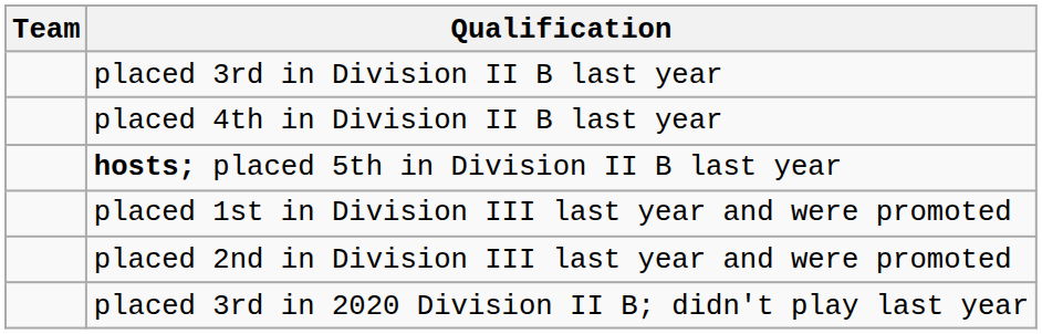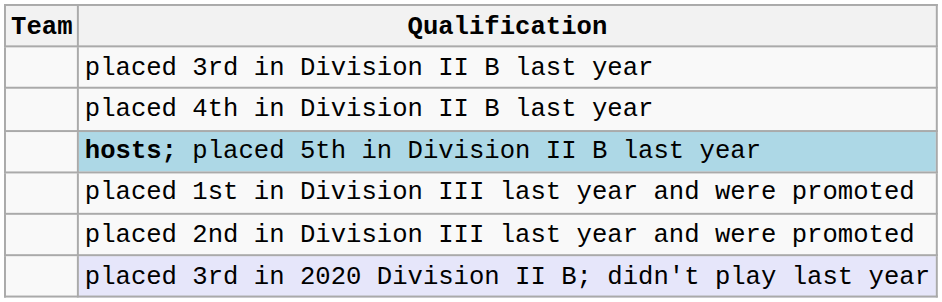 <table class="wikitable">
 <tr>
 <th>Team</th>
 <th>Qualification</th>
 </tr>
 <tr>
 <td></td>
 <td>placed 3rd in Division II B last year</td>
 </tr>
 <tr>
 <td></td>
 <td>placed 4th in Division II B last year</td>
 </tr>
 <tr>
 <td></td>
-<td><strong>hosts;</strong> placed 5th in Division II B last year</td>
+<td style="background: lightblue;"><strong>hosts;</strong> placed 5th in Division II B last year</td>
 </tr>
 <tr>
 <td></td>
 <td>placed 1st in Division III last year and were promoted</td>
 </tr>
 <tr>
 <td></td>
 <td>placed 2nd in Division III last year and were promoted</td>
 </tr>
 <tr>
 <td></td>
-<td>placed 3rd in 2020 Division II B; didn't play last year</td>
+<td style="background: lavender;">placed 3rd in 2020 Division II B; didn't play last year</td>
 </tr>
 </table>
